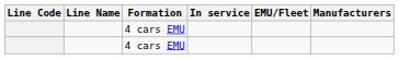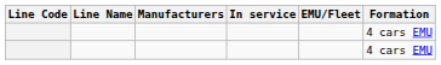 <table class="wikitable">
 <tr>
 <th>Line Code</th>
 <th>Line Name</th>
-<th>Formation</th>
+<th>Manufacturers</th>
 <th>In service</th>
 <th>EMU/Fleet</th>
-<th>Manufacturers</th>
+<th>Formation</th>
 </tr>
 <tr align=center>
 <th></th>
 <td></td>
-<td>4 cars <a href='#'>EMU</a></td>
 <td></td>
 <td></td>
 <td></td>
+<td>4 cars <a href='#'>EMU</a></td>
 </tr>
 <tr align=center>
 <th></th>
 <td></td>
-<td>4 cars <a href='#'>EMU</a></td>
 <td></td>
 <td></td>
 <td></td>
+<td>4 cars <a href='#'>EMU</a></td>
 </tr>
 </table>
